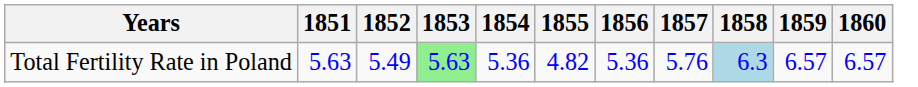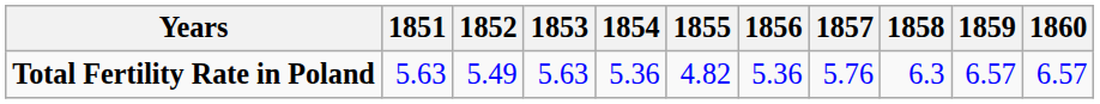 <table class="wikitable " style="text-align:right">
 <tr>
 <th>Years</th>
 <th>1851</th>
 <th>1852</th>
 <th>1853</th>
 <th>1854</th>
 <th>1855</th>
 <th>1856</th>
 <th>1857</th>
 <th>1858</th>
 <th>1859</th>
 <th>1860</th>
 </tr>
 <tr>
-<td align="left">Total Fertility Rate in Poland</td>
+<td align="left"><strong>Total Fertility Rate in Poland</strong></td>
 <td style="text-align:right; color:blue;">5.63</td>
 <td style="text-align:right; color:blue;">5.49</td>
-<td style="background: lightgreen; text-align:right; color:blue;">5.63</td>
+<td style="text-align:right; color:blue;">5.63</td>
 <td style="text-align:right; color:blue;">5.36</td>
 <td style="text-align:right; color:blue;">4.82</td>
 <td style="text-align:right; color:blue;">5.36</td>
 <td style="text-align:right; color:blue;">5.76</td>
-<td style="background: lightblue; text-align:right; color:blue;">6.3</td>
+<td style="text-align:right; color:blue;">6.3</td>
 <td style="text-align:right; color:blue;">6.57</td>
 <td style="text-align:right; color:blue;">6.57</td>
 </tr>
 </table>
